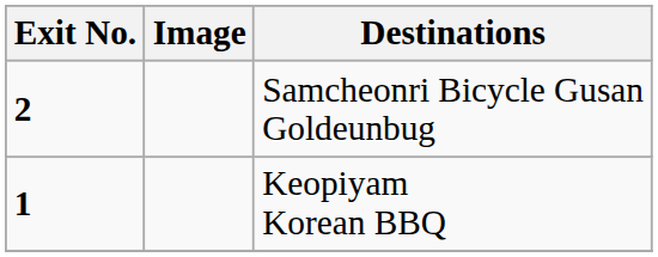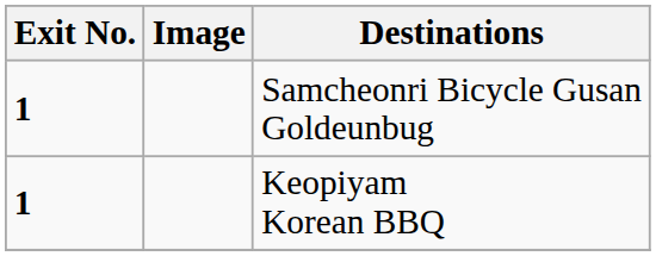 <table class="wikitable">
 <tr>
 <th>Exit No.</th>
 <th>Image</th>
 <th>Destinations</th>
 </tr>
 <tr>
-<td style="background:#"><strong>2</strong></td>
+<td style="background:#"><strong>1</strong></td>
 <td></td>
 <td>Samcheonri Bicycle Gusan<br>Goldeunbug</td>
 </tr>
 <tr>
 <td style="background:#"><strong>1</strong></td>
 <td></td>
 <td>Keopiyam<br>Korean BBQ</td>
 </tr>
 <tr>
 </tr>
 </table>
